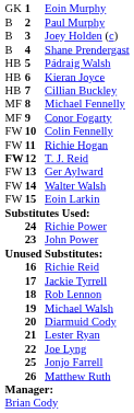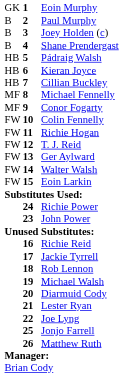 <table style="font-size:90%; margin:0.2em auto;" cellspacing="0" cellpadding="0">
 <tr>
 <th width="25"></th>
 <th width="25"></th>
 </tr>
 <tr>
 <td>GK</td>
 <td><strong>1</strong></td>
 <td><a href='#'>Eoin Murphy</a></td>
 <td></td>
 <td></td>
 </tr>
 <tr>
 <td>B</td>
 <td><strong>2</strong></td>
 <td><a href='#'>Paul Murphy</a></td>
 <td></td>
 <td></td>
 </tr>
 <tr>
 <td>B</td>
 <td><strong>3</strong></td>
 <td><a href='#'>Joey Holden</a> (<a href='#'>c</a>)</td>
 <td></td>
 <td></td>
 </tr>
 <tr>
 <td>B</td>
 <td><strong>4</strong></td>
 <td><a href='#'>Shane Prendergast</a></td>
 <td></td>
 <td></td>
 </tr>
 <tr>
 <td>HB</td>
 <td><strong>5</strong></td>
 <td><a href='#'>Pádraig Walsh</a></td>
 <td></td>
 <td></td>
 </tr>
 <tr>
 <td>HB</td>
 <td><strong>6</strong></td>
 <td><a href='#'>Kieran Joyce</a></td>
 <td></td>
 <td></td>
 </tr>
 <tr>
 <td>HB</td>
 <td><strong>7</strong></td>
 <td><a href='#'>Cillian Buckley</a></td>
 <td></td>
 <td></td>
 </tr>
 <tr>
 <td>MF</td>
 <td><strong>8</strong></td>
 <td><a href='#'>Michael Fennelly</a></td>
 <td></td>
 <td></td>
 </tr>
 <tr>
 <td>MF</td>
 <td><strong>9</strong></td>
 <td><a href='#'>Conor Fogarty</a></td>
 <td></td>
 <td></td>
 </tr>
 <tr>
 <td>FW</td>
 <td><strong>10</strong></td>
 <td><a href='#'>Colin Fennelly</a></td>
 <td></td>
 <td></td>
 </tr>
 <tr>
 <td>FW</td>
 <td><strong>11</strong></td>
 <td><a href='#'>Richie Hogan</a></td>
 <td></td>
 <td></td>
 </tr>
 <tr>
-<td><strong>FW</strong></td>
+<td>FW</td>
 <td><strong>12</strong></td>
 <td><a href='#'>T. J. Reid</a></td>
 <td></td>
 <td></td>
 </tr>
 <tr>
 <td>FW</td>
 <td><strong>13</strong></td>
 <td><a href='#'>Ger Aylward</a></td>
 <td></td>
 <td></td>
 </tr>
 <tr>
 <td>FW</td>
 <td><strong>14</strong></td>
 <td><a href='#'>Walter Walsh</a></td>
 <td></td>
 <td></td>
 </tr>
 <tr>
 <td>FW</td>
 <td><strong>15</strong></td>
 <td><a href='#'>Eoin Larkin</a></td>
 <td></td>
 <td></td>
 </tr>
 <tr>
 <td colspan=3><strong>Substitutes Used:</strong></td>
 </tr>
 <tr>
 <td></td>
 <td><strong>24</strong></td>
 <td><a href='#'>Richie Power</a></td>
 <td></td>
 <td></td>
 </tr>
 <tr>
 <td></td>
 <td><strong>23</strong></td>
 <td><a href='#'>John Power</a></td>
 <td></td>
 <td></td>
 <td></td>
 </tr>
 <tr>
 <td colspan=3><strong>Unused Substitutes:</strong></td>
 </tr>
 <tr>
 <td></td>
 <td><strong>16</strong></td>
 <td><a href='#'>Richie Reid</a></td>
 </tr>
 <tr>
 <td></td>
 <td><strong>17</strong></td>
 <td><a href='#'>Jackie Tyrrell</a></td>
 </tr>
 <tr>
 <td></td>
 <td><strong>18</strong></td>
 <td><a href='#'>Rob Lennon</a></td>
 </tr>
 <tr>
 <td></td>
 <td><strong>19</strong></td>
 <td><a href='#'>Michael Walsh</a></td>
 </tr>
 <tr>
 <td></td>
 <td><strong>20</strong></td>
 <td><a href='#'>Diarmuid Cody</a></td>
 </tr>
 <tr>
 <td></td>
 <td><strong>21</strong></td>
 <td><a href='#'>Lester Ryan</a></td>
 </tr>
 <tr>
 <td></td>
 <td><strong>22</strong></td>
 <td><a href='#'>Joe Lyng</a></td>
 </tr>
 <tr>
 <td></td>
 <td><strong>25</strong></td>
 <td><a href='#'>Jonjo Farrell</a></td>
 </tr>
 <tr>
 <td></td>
 <td><strong>26</strong></td>
 <td><a href='#'>Matthew Ruth</a></td>
 </tr>
 <tr>
 <td colspan=3><strong>Manager:</strong></td>
 </tr>
 <tr>
 <td colspan=4><a href='#'>Brian Cody</a></td>
 </tr>
 </table>
